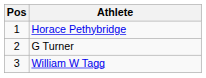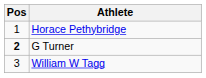 <table class="wikitable" style="font-size: 100%">
 <tr>
 <th width=20>Pos</th>
 <th width=250>Athlete</th>
 </tr>
 <tr align=center>
 <td>1</td>
 <td align="left"> <a href='#'>Horace Pethybridge</a></td>
 </tr>
 <tr align=center>
-<td>2</td>
+<td><strong>2</strong></td>
 <td align="left"> G Turner</td>
 </tr>
 <tr align=center>
 <td>3</td>
 <td align="left"> <a href='#'>William W Tagg</a></td>
 </tr>
 </table>
